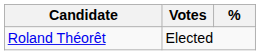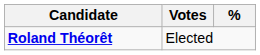 <table class="wikitable">
 <tr>
 <th style="width: 170px">Candidate</th>
 <th style="width: 50px">Votes</th>
 <th style="width: 40px">%</th>
 </tr>
 <tr>
-<td><a href='#'>Roland Théorêt</a></td>
+<td><strong><a href='#'>Roland Théorêt</a></strong></td>
 <td colspan="2">Elected </td>
 </tr>
 </table>
